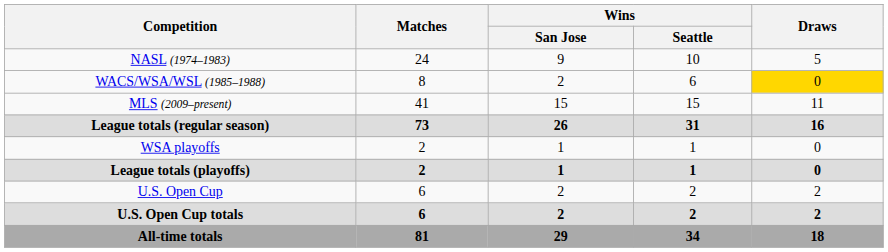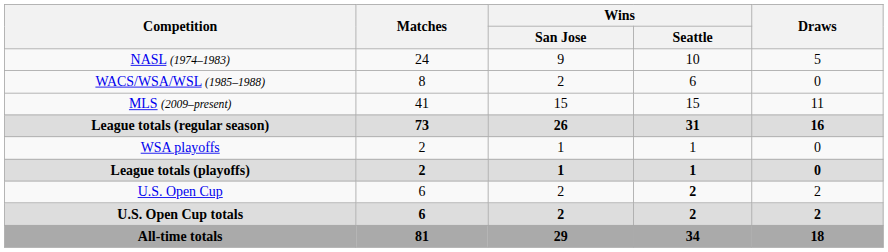 <table class="wikitable" style="width:80%;text-align:center;">
 <tr>
 <th rowspan=2 width=40%>Competition</th>
 <th rowspan=2 width=15%>Matches</th>
 <th colspan=2 width=30%>Wins</th>
 <th rowspan=2 width=15%>Draws</th>
 </tr>
 <tr>
 <th>San Jose</th>
 <th>Seattle</th>
 </tr>
 <tr>
 <td><a href='#'>NASL</a> <small><em>(1974–1983)</em></small></td>
 <td>24</td>
 <td>9</td>
 <td>10</td>
 <td>5</td>
 </tr>
 <tr>
 <td><a href='#'>WACS/WSA/WSL</a> <small><em>(1985–1988)</em></small></td>
 <td>8</td>
 <td>2</td>
 <td>6</td>
-<td style="background: gold;">0</td>
+<td>0</td>
 </tr>
 <tr>
 <td><a href='#'>MLS</a> <small><em>(2009–present)</em></small></td>
 <td>41</td>
 <td>15</td>
 <td>15</td>
 <td>11</td>
 </tr>
 <tr>
 <td style="text-align:center; background:#ddd;"><strong>League totals (regular season)</strong></td>
 <td style="text-align:center; background:#ddd;"><strong>73</strong></td>
 <td style="text-align:center; background:#ddd;"><strong>26</strong></td>
 <td style="text-align:center; background:#ddd;"><strong>31</strong></td>
 <td style="text-align:center; background:#ddd;"><strong>16</strong></td>
 </tr>
 <tr>
 <td><a href='#'>WSA playoffs</a></td>
 <td>2</td>
 <td>1</td>
 <td>1</td>
 <td>0</td>
 </tr>
 <tr>
 <td style="text-align:center; background:#ddd;"><strong>League totals (playoffs)</strong></td>
 <td style="text-align:center; background:#ddd;"><strong>2</strong></td>
 <td style="text-align:center; background:#ddd;"><strong>1</strong></td>
 <td style="text-align:center; background:#ddd;"><strong>1</strong></td>
 <td style="text-align:center; background:#ddd;"><strong>0</strong></td>
 </tr>
 <tr>
 <td><a href='#'>U.S. Open Cup</a></td>
 <td>6</td>
 <td>2</td>
-<td>2</td>
+<td><strong>2</strong></td>
 <td>2</td>
 </tr>
 <tr>
 <td style="text-align:center; background:#ddd;"><strong>U.S. Open Cup totals</strong></td>
 <td style="text-align:center; background:#ddd;"><strong>6</strong></td>
 <td style="text-align:center; background:#ddd;"><strong>2</strong></td>
 <td style="text-align:center; background:#ddd;"><strong>2</strong></td>
 <td style="text-align:center; background:#ddd;"><strong>2</strong></td>
 </tr>
 <tr>
 <td style="text-align:center; background:#aaa;"><strong>All-time totals</strong></td>
 <td style="text-align:center; background:#aaa;"><strong>81</strong></td>
 <td style="text-align:center; background:#aaa;"><strong>29</strong></td>
 <td style="text-align:center; background:#aaa;"><strong>34</strong></td>
 <td style="text-align:center; background:#aaa;"><strong>18</strong></td>
 </tr>
 </table>
